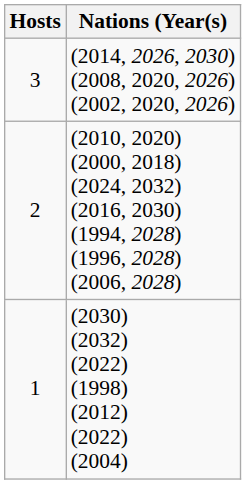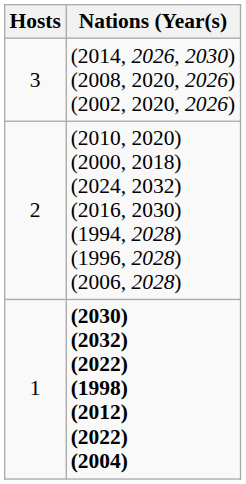 <table class="wikitable">
 <tr>
 <th>Hosts</th>
 <th>Nations (Year(s)</th>
 </tr>
 <tr>
 <td align=center>3</td>
 <td> (2014, <em>2026</em>, <em>2030</em>)<br> (2008, 2020, <em>2026</em>)<br> (2002, 2020, <em>2026</em>)</td>
 </tr>
 <tr>
 <td align=center>2</td>
 <td> (2010, 2020)<br> (2000, 2018)<br> (2024, 2032)<br> (2016, 2030)<br> (1994, <em>2028</em>)<br> (1996, <em>2028</em>)<br> (2006, <em>2028</em>)</td>
 </tr>
 <tr>
 <td align=center>1</td>
-<td> (2030)<br> (2032)<br> (2022)<br> (1998)<br>  (2012)<br> (2022)<br> (2004)</td>
+<td><strong> (2030)<br> (2032)<br> (2022)<br> (1998)<br>  (2012)<br> (2022)<br> (2004)</strong></td>
 </tr>
 </table>
